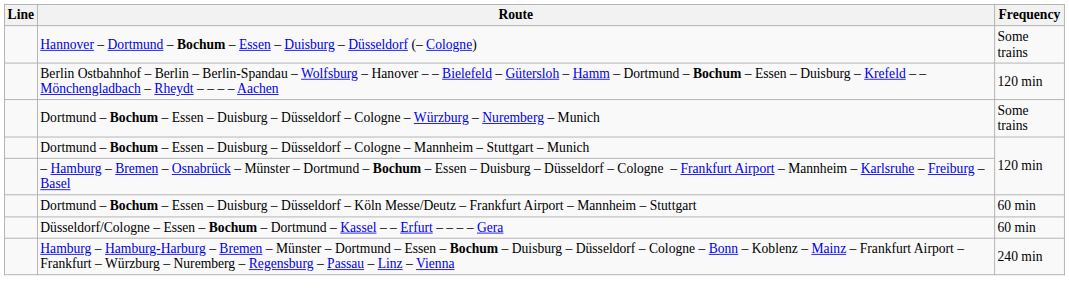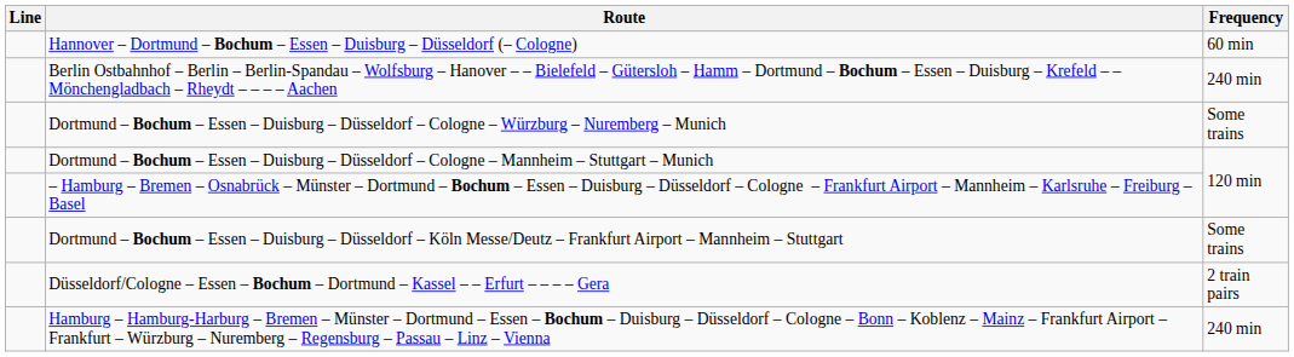 <table class="wikitable">
 <tr>
 <th>Line</th>
 <th>Route</th>
 <th>Frequency</th>
 </tr>
 <tr>
 <td></td>
 <td> <a href='#'>Hannover</a> – <a href='#'>Dortmund</a> – <strong>Bochum</strong> – <a href='#'>Essen</a> – <a href='#'>Duisburg</a> – <a href='#'>Düsseldorf</a> (– <a href='#'>Cologne</a>)</td>
-<td>Some trains</td>
+<td>60 min</td>
 </tr>
 <tr>
 <td align="center"></td>
 <td>Berlin Ostbahnhof – Berlin – Berlin-Spandau – <a href='#'>Wolfsburg</a> – Hanover –  – <a href='#'>Bielefeld</a> – <a href='#'>Gütersloh</a> – <a href='#'>Hamm</a> – Dortmund – <strong>Bochum</strong> – Essen – Duisburg – <a href='#'>Krefeld</a> –  – <a href='#'>Mönchengladbach</a> – <a href='#'>Rheydt</a> –  –  –  – <a href='#'>Aachen</a></td>
-<td>120 min</td>
+<td>240 min</td>
 </tr>
 <tr>
 <td></td>
 <td>Dortmund – <strong>Bochum</strong> – Essen – Duisburg – Düsseldorf – Cologne –  <a href='#'>Würzburg</a> – <a href='#'>Nuremberg</a> – Munich</td>
 <td>Some trains</td>
 </tr>
 <tr>
 <td></td>
 <td>Dortmund – <strong>Bochum</strong> – Essen – Duisburg – Düsseldorf – Cologne –  Mannheim – Stuttgart – Munich</td>
 <td rowspan="2">120 min</td>
 </tr>
 <tr>
 <td align="center"></td>
 <td> – <a href='#'>Hamburg</a> – <a href='#'>Bremen</a> – <a href='#'>Osnabrück</a> – Münster – Dortmund – <strong>Bochum</strong> – Essen – Duisburg – Düsseldorf – Cologne  – <a href='#'>Frankfurt Airport</a> – Mannheim – <a href='#'>Karlsruhe</a> – <a href='#'>Freiburg</a> – <a href='#'>Basel</a></td>
 </tr>
 <tr>
 <td></td>
 <td>Dortmund – <strong>Bochum</strong> – Essen – Duisburg – Düsseldorf – Köln Messe/Deutz – Frankfurt Airport – Mannheim – Stuttgart</td>
-<td>60 min</td>
+<td>Some trains</td>
 </tr>
 <tr>
 <td align="center"></td>
 <td>Düsseldorf/Cologne – Essen – <strong>Bochum</strong> – Dortmund – <a href='#'>Kassel</a> –  – <a href='#'>Erfurt</a> –  –  –  – <a href='#'>Gera</a></td>
-<td>60 min</td>
+<td>2 train pairs</td>
 </tr>
 <tr>
 <td align="center"></td>
 <td><a href='#'>Hamburg</a> – <a href='#'>Hamburg-Harburg</a> – <a href='#'>Bremen</a> – Münster – Dortmund – Essen – <strong>Bochum</strong> – Duisburg – Düsseldorf – Cologne – <a href='#'>Bonn</a> – Koblenz – <a href='#'>Mainz</a> – Frankfurt Airport – Frankfurt – Würzburg – Nuremberg – <a href='#'>Regensburg</a> – <a href='#'>Passau</a> – <a href='#'>Linz</a> – <a href='#'>Vienna</a></td>
 <td>240 min</td>
 </tr>
 </table>
